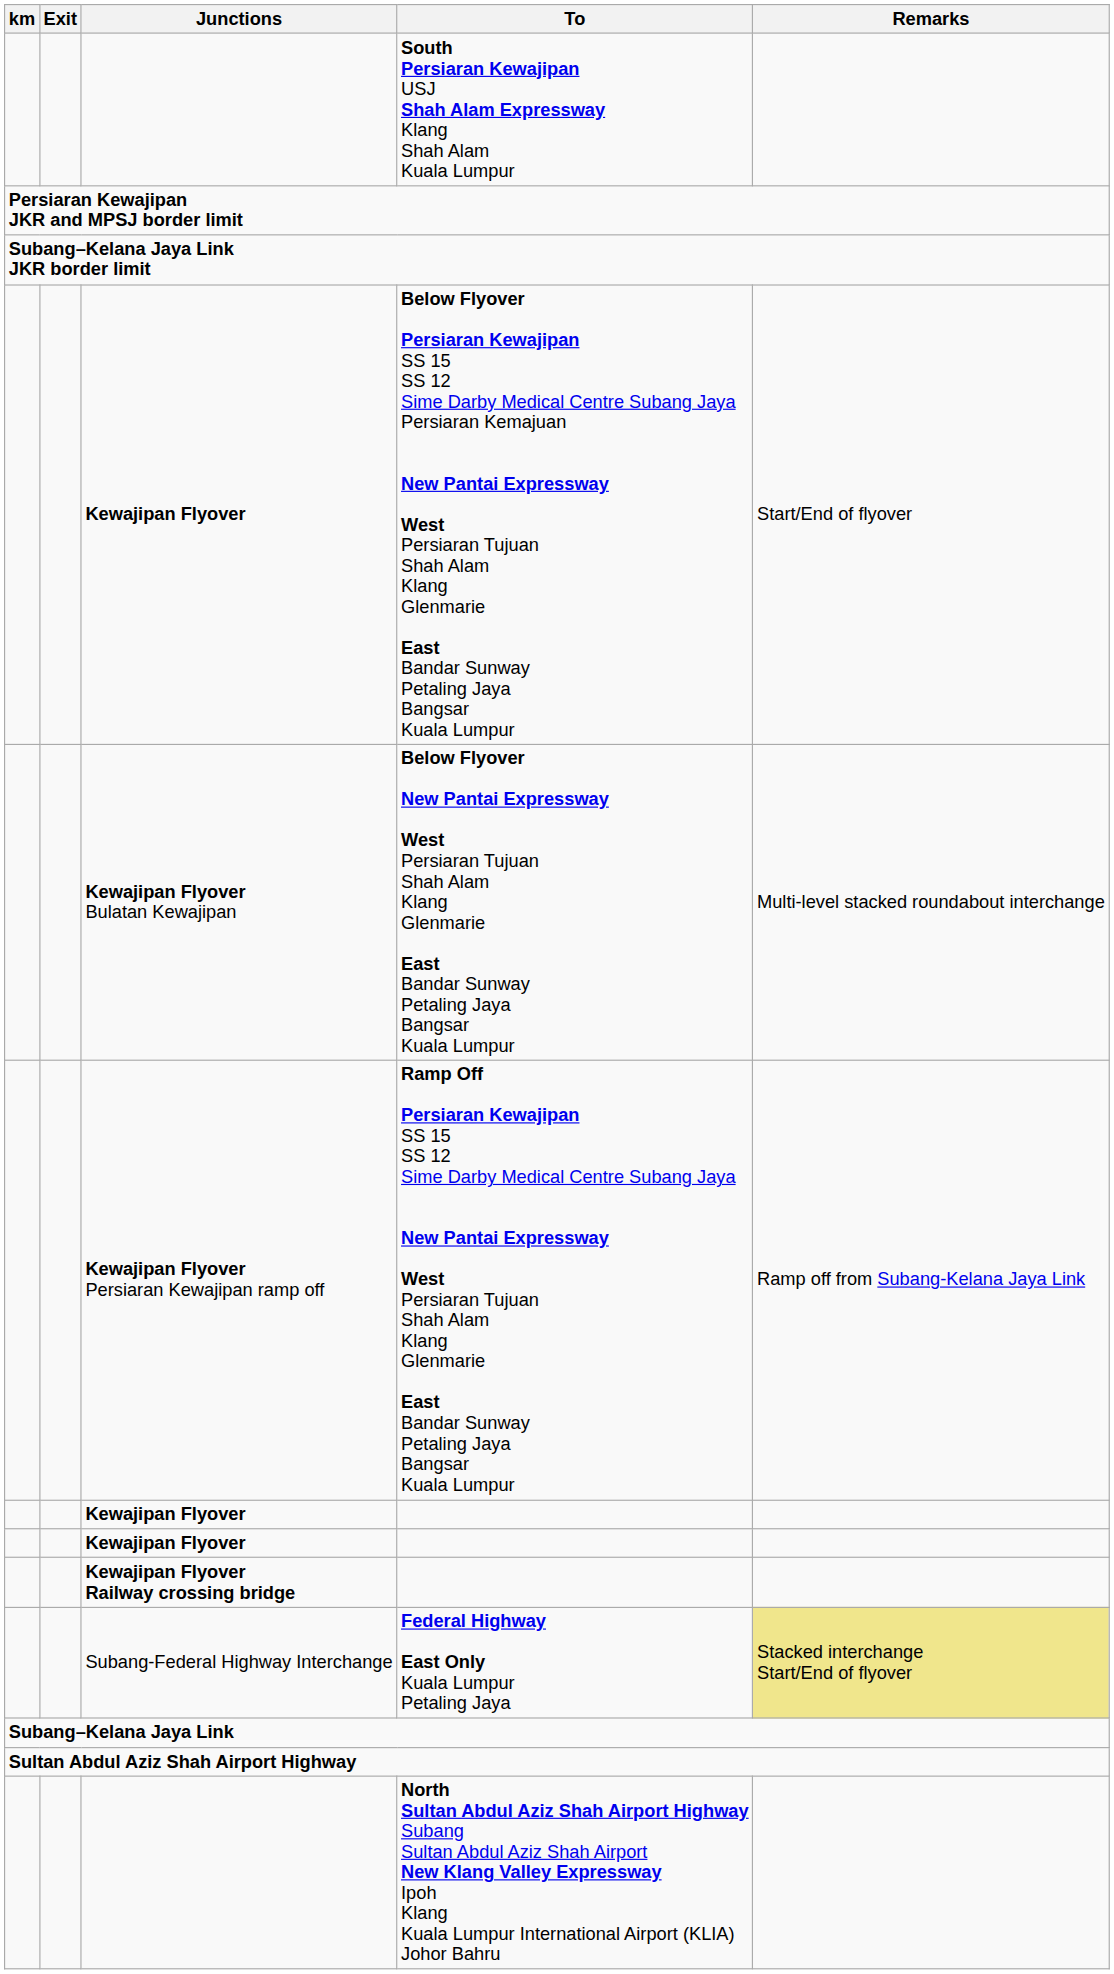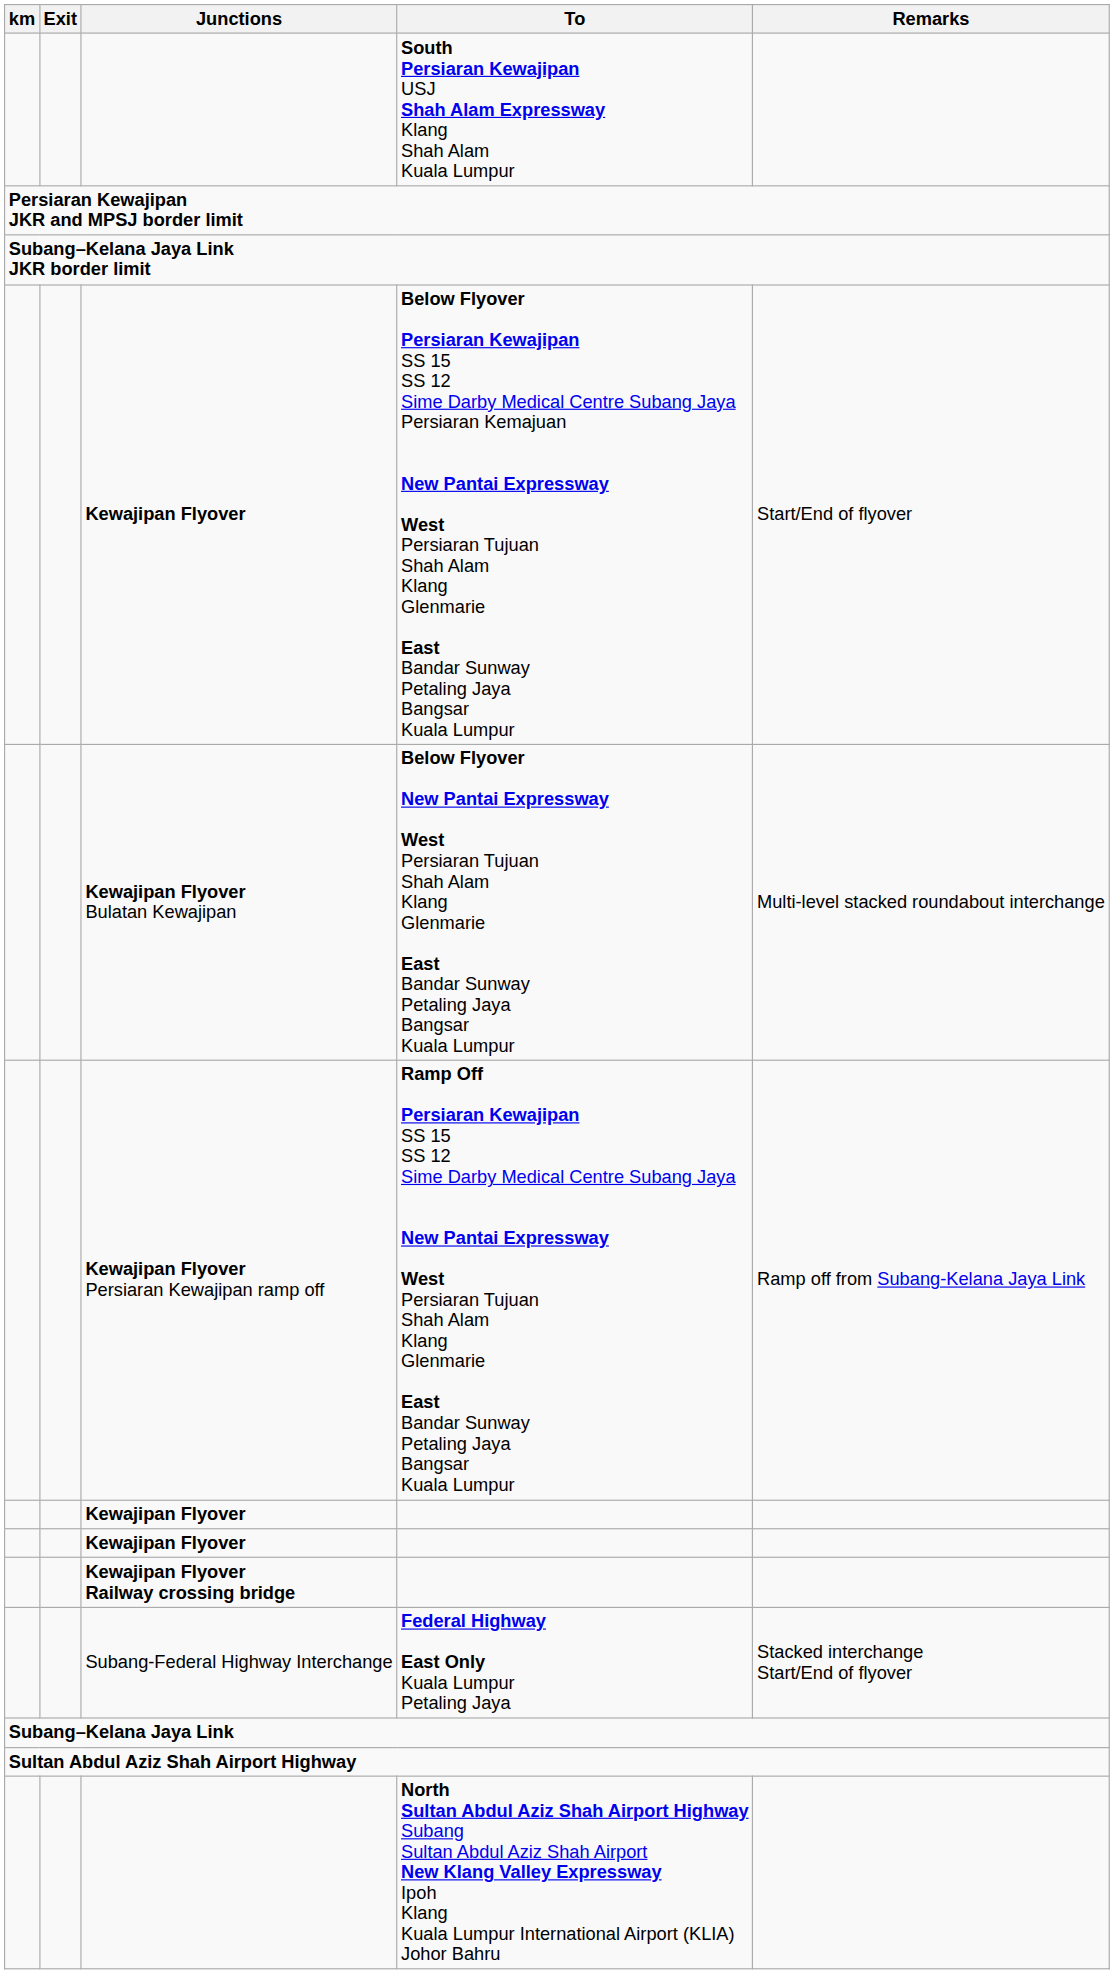 <table class="wikitable">
 <tr>
 <th>km</th>
 <th>Exit</th>
 <th>Junctions</th>
 <th>To</th>
 <th>Remarks</th>
 </tr>
 <tr>
 <td></td>
 <td></td>
 <td></td>
 <td><strong>South</strong><br><strong><a href='#'>Persiaran Kewajipan</a></strong><br>USJ<br> <strong><a href='#'>Shah Alam Expressway</a></strong><br>Klang<br>Shah Alam<br>Kuala Lumpur</td>
 </tr>
 <tr>
 <td style="width:600px" colspan="6" style="text-align:center; background:blue;"><strong><span>Persiaran Kewajipan<br>JKR and MPSJ border limit</span></strong></td>
 </tr>
 <tr>
 <td style="width:600px" colspan="6" style="text-align:center; background:blue;"><strong><span> Subang–Kelana Jaya Link<br>JKR border limit</span></strong></td>
 </tr>
 <tr>
 <td></td>
 <td></td>
 <td><strong>Kewajipan Flyover</strong></td>
 <td><strong>Below Flyover</strong><br><br><strong><a href='#'>Persiaran Kewajipan</a></strong><br>SS 15<br>SS 12<br><a href='#'>Sime Darby Medical Centre Subang Jaya</a> <br>Persiaran Kemajuan<br><br><br> <strong><a href='#'>New Pantai Expressway</a></strong><br><br><strong>West</strong><br>Persiaran Tujuan<br>Shah Alam<br>Klang<br>Glenmarie<br><br><strong>East</strong><br>Bandar Sunway<br>Petaling Jaya<br>Bangsar<br>Kuala Lumpur</td>
 <td>Start/End of flyover</td>
 </tr>
 <tr>
 <td></td>
 <td></td>
 <td><strong>Kewajipan Flyover</strong><br>Bulatan Kewajipan</td>
 <td><strong>Below Flyover</strong><br><br> <strong><a href='#'>New Pantai Expressway</a></strong><br><br><strong>West</strong><br>Persiaran Tujuan<br>Shah Alam<br>Klang<br>Glenmarie<br><br><strong>East</strong><br>Bandar Sunway<br>Petaling Jaya<br>Bangsar<br>Kuala Lumpur</td>
 <td>Multi-level stacked roundabout interchange</td>
 </tr>
 <tr>
 <td></td>
 <td></td>
 <td><strong>Kewajipan Flyover</strong><br>Persiaran Kewajipan ramp off</td>
 <td><strong>Ramp Off</strong><br><br><strong><a href='#'>Persiaran Kewajipan</a></strong><br>SS 15<br>SS 12<br><a href='#'>Sime Darby Medical Centre Subang Jaya</a> <br><br><br> <strong><a href='#'>New Pantai Expressway</a></strong><br><br><strong>West</strong><br>Persiaran Tujuan<br>Shah Alam<br>Klang<br>Glenmarie<br><br><strong>East</strong><br>Bandar Sunway<br>Petaling Jaya<br>Bangsar<br>Kuala Lumpur</td>
 <td>Ramp off from  <a href='#'>Subang-Kelana Jaya Link</a></td>
 </tr>
 <tr>
 <td></td>
 <td></td>
 <td><strong>Kewajipan Flyover</strong></td>
 <td></td>
 <td></td>
 </tr>
 <tr>
 <td></td>
 <td></td>
 <td><strong>Kewajipan Flyover</strong></td>
 <td></td>
 <td></td>
 </tr>
 <tr>
 <td></td>
 <td></td>
 <td><strong>Kewajipan Flyover</strong><br><strong>Railway crossing bridge</strong></td>
 <td></td>
 <td></td>
 </tr>
 <tr>
 <td></td>
 <td></td>
 <td>Subang-Federal Highway Interchange</td>
 <td> <strong><a href='#'>Federal Highway</a></strong><br><br><strong>East Only</strong><br>Kuala Lumpur<br>Petaling Jaya</td>
-<td style="background: khaki;">Stacked interchange<br>Start/End of flyover</td>
+<td>Stacked interchange<br>Start/End of flyover</td>
 </tr>
 <tr>
 <td style="width:600px" colspan="6" style="text-align:center; background:blue;"><strong><span> Subang–Kelana Jaya Link</span></strong></td>
 </tr>
 <tr>
 <td style="width:600px" colspan="6" style="text-align:center; background:blue;"><strong><span> Sultan Abdul Aziz Shah Airport Highway</span></strong></td>
 </tr>
 <tr>
 <td></td>
 <td></td>
 <td></td>
 <td><strong>North</strong><br> <strong><a href='#'>Sultan Abdul Aziz Shah Airport Highway</a></strong><br><a href='#'>Subang</a><br><a href='#'>Sultan Abdul Aziz Shah Airport</a> <br>  <strong><a href='#'>New Klang Valley Expressway</a></strong><br>Ipoh<br>Klang<br>Kuala Lumpur International Airport (KLIA) <br>Johor Bahru</td>
 <td></td>
 </tr>
 </table>
